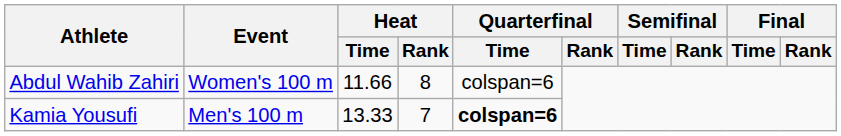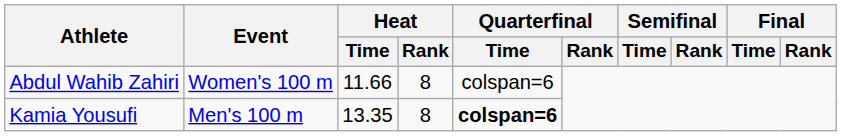 <table class=wikitable style="font-size:90%">
 <tr>
 <th rowspan="2">Athlete</th>
 <th rowspan="2">Event</th>
 <th colspan="2">Heat</th>
 <th colspan="2">Quarterfinal</th>
 <th colspan="2">Semifinal</th>
 <th colspan="2">Final</th>
 </tr>
 <tr style="font-size:95%">
 <th>Time</th>
 <th>Rank</th>
 <th>Time</th>
 <th>Rank</th>
 <th>Time</th>
 <th>Rank</th>
 <th>Time</th>
 <th>Rank</th>
 </tr>
 <tr align=center>
 <td align=left><a href='#'>Abdul Wahib Zahiri</a></td>
 <td align=left><a href='#'>Women's 100 m</a></td>
 <td>11.66</td>
 <td>8</td>
 <td>colspan=6 </td>
 </tr>
 <tr align=center>
 <td align=left><a href='#'>Kamia Yousufi</a></td>
 <td align=left><a href='#'>Men's 100 m</a></td>
-<td>13.33</td>
-<td>7</td>
+<td>13.35</td>
+<td>8</td>
 <td><strong>colspan=6 </strong></td>
 </tr>
 </table>
